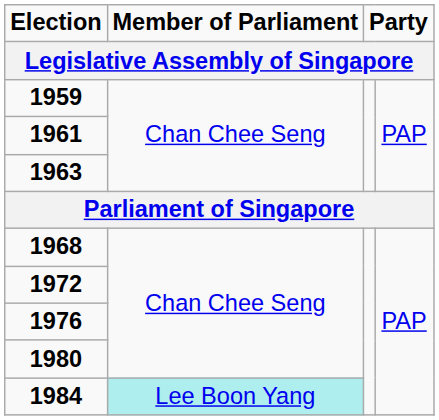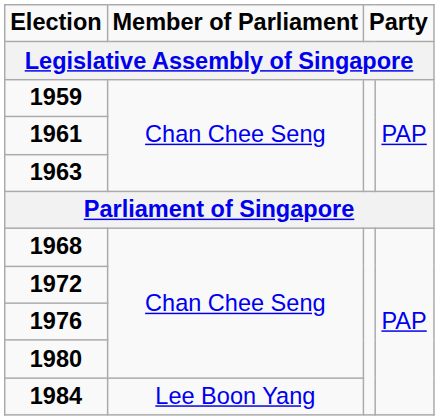 <table class="wikitable" align="center" style="text-align:center">
 <tr>
 <td><strong>Election </strong></td>
 <td><strong>Member of Parliament</strong></td>
 <td colspan="2"><strong>Party</strong></td>
 </tr>
 <tr>
 <th colspan="4"><a href='#'>Legislative Assembly of Singapore</a></th>
 </tr>
 <tr>
 <td><strong>1959</strong></td>
 <td rowspan="3"><a href='#'>Chan Chee Seng</a></td>
 <td rowspan="3"></td>
 <td rowspan="3"><a href='#'>PAP</a></td>
 </tr>
 <tr>
 <td><strong>1961</strong></td>
 </tr>
 <tr>
 <td><strong>1963</strong></td>
 </tr>
 <tr>
 <th colspan="4"><a href='#'>Parliament of Singapore</a></th>
 </tr>
 <tr>
 <td><strong>1968</strong></td>
 <td rowspan="4"><a href='#'>Chan Chee Seng</a></td>
 <td rowspan="5"></td>
 <td rowspan="5"><a href='#'>PAP</a></td>
 </tr>
 <tr>
 <td><strong>1972</strong></td>
 </tr>
 <tr>
 <td><strong>1976</strong></td>
 </tr>
 <tr>
 <td><strong>1980</strong></td>
 </tr>
 <tr>
 <td><strong>1984</strong></td>
-<td style="background: paleturquoise;"><a href='#'>Lee Boon Yang</a></td>
+<td><a href='#'>Lee Boon Yang</a></td>
 </tr>
 </table>
